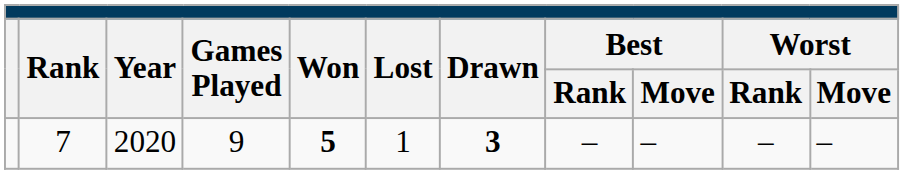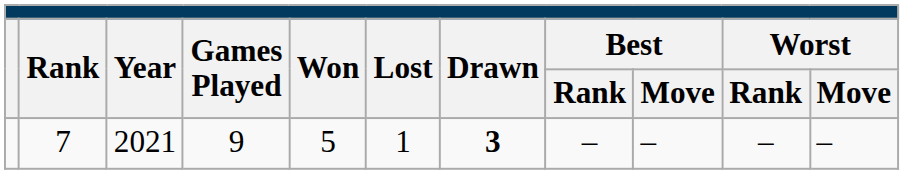 <table class="wikitable sortable" style="text-align:center;">
 <tr>
 <th colspan=12 style="background: #013A5E; color: #FFFFFF;"><a href='#'></a></th>
 </tr>
 <tr>
 <th rowspan=2></th>
 <th rowspan=2>Rank</th>
 <th rowspan=2>Year</th>
 <th rowspan=2>Games<br>Played</th>
 <th rowspan=2>Won</th>
 <th rowspan=2>Lost</th>
 <th rowspan=2>Drawn</th>
 <th colspan=2>Best</th>
 <th colspan=2>Worst</th>
 </tr>
 <tr>
 <th>Rank</th>
 <th>Move</th>
 <th>Rank</th>
 <th>Move</th>
 </tr>
 <tr>
 <td></td>
 <td>7</td>
-<td>2020</td>
+<td>2021</td>
 <td>9</td>
-<td><strong>5</strong></td>
+<td>5</td>
 <td>1</td>
 <td><strong>3</strong></td>
 <td>–</td>
 <td align=left> –</td>
 <td>–</td>
 <td align=left> –</td>
 </tr>
 </table>
